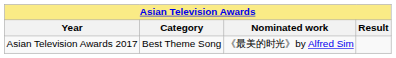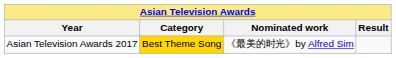 <table class="wikitable sortable">
 <tr>
 <th colspan="4" - style="background:#FAEB86;" align="center"><a href='#'>Asian Television Awards</a></th>
 </tr>
 <tr>
 <th>Year</th>
 <th>Category</th>
 <th>Nominated work</th>
 <th>Result</th>
 </tr>
 <tr>
 <td>Asian Television Awards 2017</td>
-<td>Best Theme Song</td>
+<td style="background: gold;">Best Theme Song</td>
 <td>《最美的时光》by <a href='#'>Alfred Sim</a></td>
 <td></td>
 </tr>
 </table>
